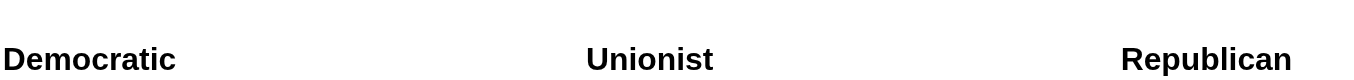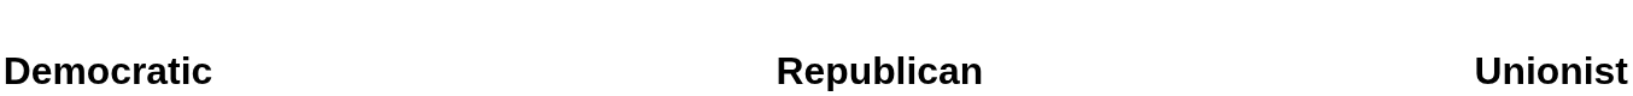 <table style="width:70%; text-align:center">
 <tr style="color:white">
 <td style="background:"><strong>38</strong></td>
+<td style="background:"><strong>137</strong></td>
 <td style="background:"><strong>18</strong></td>
-<td style="background:"><strong>137</strong></td>
 </tr>
 <tr>
 <td><span><strong>Democratic</strong></span></td>
+<td><span><strong>Republican</strong></span></td>
 <td><span><strong>Unionist</strong></span></td>
-<td><span><strong>Republican</strong></span></td>
 </tr>
 </table>
